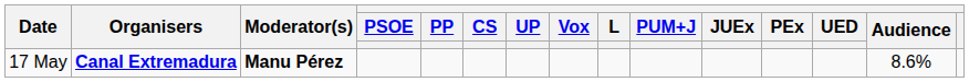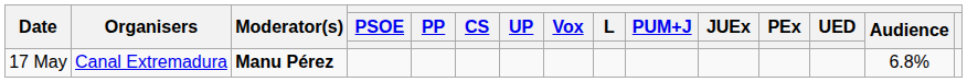 <table class="wikitable" style="text-align:center;">
 <tr>
 <th rowspan="3">Date</th>
 <th rowspan="3">Organisers</th>
 <th rowspan="3">Moderator(s)</th>
 <th colspan="12">  </th>
 </tr>
 <tr>
 <th scope="col" style="width:5em;"><a href='#'>PSOE</a></th>
 <th scope="col" style="width:5em;"><a href='#'>PP</a></th>
 <th scope="col" style="width:5em;"><a href='#'>CS</a></th>
 <th scope="col" style="width:5em;"><a href='#'>UP</a></th>
 <th scope="col" style="width:5em;"><a href='#'>Vox</a></th>
 <th scope="col" style="width:5em;">L</th>
 <th scope="col" style="width:5em;"><a href='#'>PUM+J</a></th>
 <th scope="col" style="width:5em;">JUEx</th>
 <th scope="col" style="width:5em;">PEx</th>
 <th scope="col" style="width:5em;">UED</th>
 <th rowspan="2" scope="col" style="width:5em;">Audience</th>
 <th rowspan="2"></th>
 </tr>
 <tr>
 <th style="color:inherit;background:"></th>
 <th style="color:inherit;background:"></th>
 <th style="color:inherit;background:"></th>
 <th style="color:inherit;background:"></th>
 <th style="color:inherit;background:"></th>
 <th style="color:inherit;background:"></th>
 <th style="color:inherit;background:"></th>
 <th style="color:inherit;background:"></th>
 <th style="color:inherit;background:"></th>
 <th style="color:inherit;background:"></th>
 </tr>
 <tr>
 <td style="white-space:nowrap; text-align:left;">17 May</td>
-<td style="white-space:nowrap; text-align:left;"><strong><a href='#'>Canal Extremadura</a></strong></td>
+<td style="white-space:nowrap; text-align:left;"><a href='#'>Canal Extremadura</a></td>
 <td style="white-space:nowrap; text-align:left;"><strong>Manu Pérez</strong></td>
 <td></td>
 <td></td>
 <td></td>
 <td></td>
 <td></td>
 <td></td>
 <td></td>
 <td></td>
 <td></td>
 <td></td>
-<td>8.6%<br></td>
+<td>6.8%<br></td>
 <td><br></td>
 </tr>
 </table>
